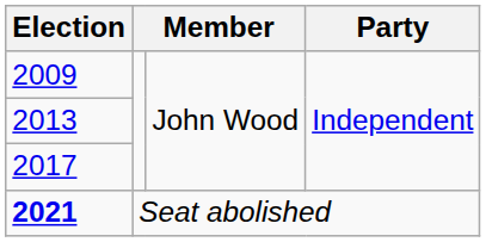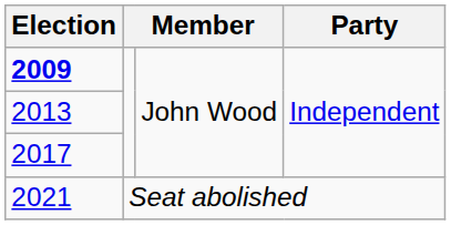 <table class="wikitable">
 <tr>
 <th>Election</th>
 <th colspan="2">Member</th>
 <th>Party</th>
 </tr>
 <tr>
-<td><a href='#'>2009</a></td>
+<td><strong><a href='#'>2009</a></strong></td>
 <td rowspan="3" style="background-color: "></td>
 <td rowspan="3">John Wood</td>
 <td rowspan="3"><a href='#'>Independent</a></td>
 </tr>
 <tr>
 <td><a href='#'>2013</a></td>
 </tr>
 <tr>
 <td><a href='#'>2017</a></td>
 </tr>
 <tr>
-<td><strong><a href='#'>2021</a></strong></td>
+<td><a href='#'>2021</a></td>
 <td colspan="3"><em>Seat abolished</em></td>
 </tr>
 </table>
